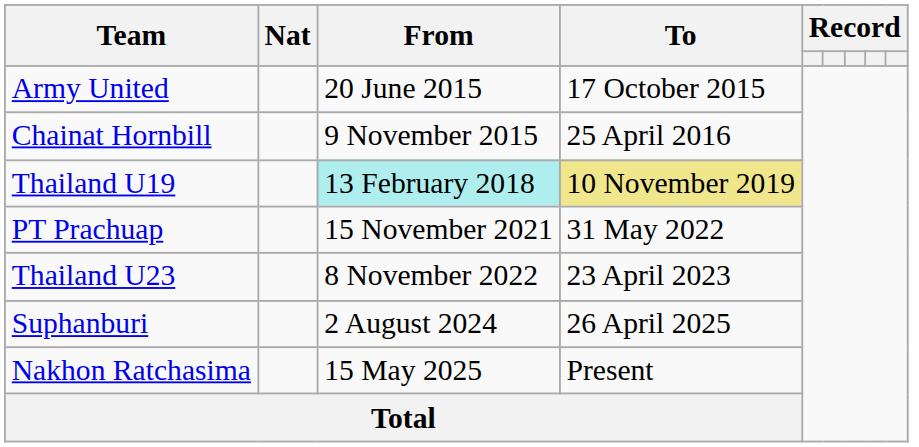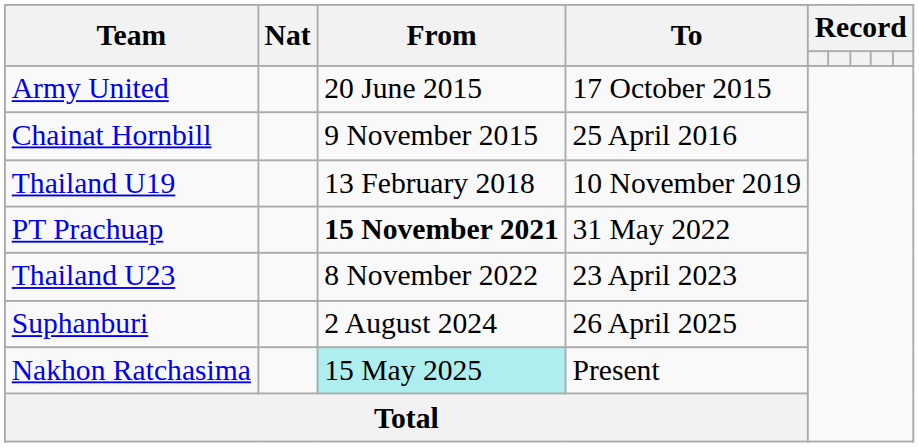 <table class="wikitable" style="text-align: center;">
 <tr>
 <th rowspan="2">Team</th>
 <th rowspan="2">Nat</th>
 <th rowspan="2">From</th>
 <th rowspan="2">To</th>
 <th colspan="5">Record</th>
 </tr>
 <tr>
 <th></th>
 <th></th>
 <th></th>
 <th></th>
 <th></th>
 </tr>
 <tr>
 <td align=left><a href='#'>Army United</a></td>
 <td></td>
 <td align=left>20 June 2015</td>
 <td align=left>17 October 2015<br></td>
 </tr>
 <tr>
 <td align=left><a href='#'>Chainat Hornbill</a></td>
 <td></td>
 <td align=left>9 November 2015</td>
 <td align=left>25 April 2016<br></td>
 </tr>
 <tr>
 <td align=left><a href='#'>Thailand U19</a></td>
 <td></td>
-<td align=left style="background: paleturquoise;">13 February 2018</td>
-<td align=left style="background: khaki;">10 November 2019<br></td>
+<td align=left>13 February 2018</td>
+<td align=left>10 November 2019<br></td>
 </tr>
 <tr>
 <td align=left><a href='#'>PT Prachuap</a></td>
 <td></td>
-<td align=left>15 November 2021</td>
+<td align=left><strong>15 November 2021</strong></td>
 <td align=left>31 May 2022<br></td>
 </tr>
 <tr>
 <td align=left><a href='#'>Thailand U23</a></td>
 <td></td>
 <td align=left>8 November 2022</td>
 <td align=left>23 April 2023<br></td>
 </tr>
 <tr>
 <td align=left><a href='#'>Suphanburi</a></td>
 <td></td>
 <td align=left>2 August 2024</td>
 <td align=left>26 April 2025<br></td>
 </tr>
 <tr>
 <td align=left><a href='#'>Nakhon Ratchasima</a></td>
 <td></td>
-<td align=left>15 May 2025</td>
+<td align=left style="background: paleturquoise;">15 May 2025</td>
 <td align=left>Present<br></td>
 </tr>
 <tr>
 <th colspan="4">Total<br></th>
 </tr>
 </table>
